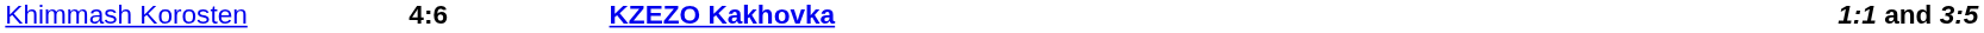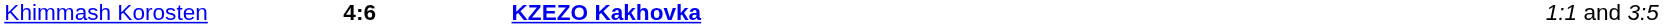 <table width=100% cellspacing=1>
 <tr>
 <th width=20%></th>
 <th width=12%></th>
 <th width=20%></th>
 <th></th>
 </tr>
 <tr style=font-size:90%>
 <td align=right><a href='#'>Khimmash Korosten</a></td>
 <td align=center><strong>4:6</strong></td>
 <td><strong><a href='#'>KZEZO Kakhovka</a></strong></td>
-<td align=center><strong><em>1:1</em> and <em>3:5</em></strong></td>
+<td align=center><em>1:1</em> and <em>3:5</em></td>
 </tr>
 </table>
